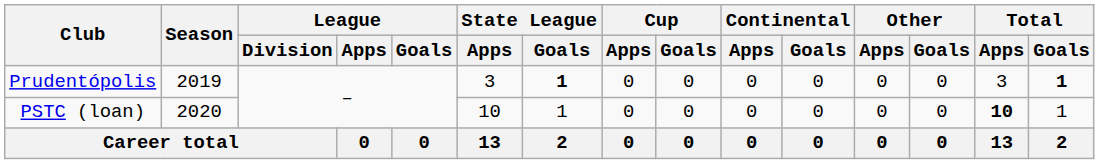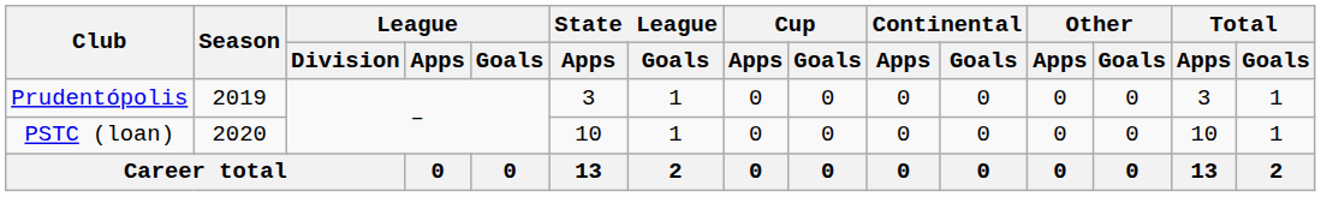 <table class="wikitable" style="text-align: center">
 <tr>
 <th rowspan="2">Club</th>
 <th rowspan="2">Season</th>
 <th colspan="3">League</th>
 <th colspan="2">State League</th>
 <th colspan="2">Cup</th>
 <th colspan="2">Continental</th>
 <th colspan="2">Other</th>
 <th colspan="2">Total</th>
 </tr>
 <tr>
 <th>Division</th>
 <th>Apps</th>
 <th>Goals</th>
 <th>Apps</th>
 <th>Goals</th>
 <th>Apps</th>
 <th>Goals</th>
 <th>Apps</th>
 <th>Goals</th>
 <th>Apps</th>
 <th>Goals</th>
 <th>Apps</th>
 <th>Goals</th>
 </tr>
 <tr>
 <td><a href='#'>Prudentópolis</a></td>
 <td>2019</td>
 <td rowspan="2" colspan="3">–</td>
 <td>3</td>
-<td><strong>1</strong></td>
+<td>1</td>
 <td>0</td>
 <td>0</td>
 <td>0</td>
 <td>0</td>
 <td>0</td>
 <td>0</td>
 <td>3</td>
-<td><strong>1</strong></td>
+<td>1</td>
 </tr>
 <tr>
 <td><a href='#'>PSTC</a> (loan)</td>
 <td>2020</td>
 <td>10</td>
 <td>1</td>
 <td>0</td>
 <td>0</td>
 <td>0</td>
 <td>0</td>
 <td>0</td>
 <td>0</td>
-<td><strong>10</strong></td>
+<td>10</td>
 <td>1</td>
 </tr>
 <tr>
 <th colspan="3"><strong>Career total</strong></th>
 <th>0</th>
 <th>0</th>
 <th>13</th>
 <th>2</th>
 <th>0</th>
 <th>0</th>
 <th>0</th>
 <th>0</th>
 <th>0</th>
 <th>0</th>
 <th>13</th>
 <th>2</th>
 </tr>
 </table>
